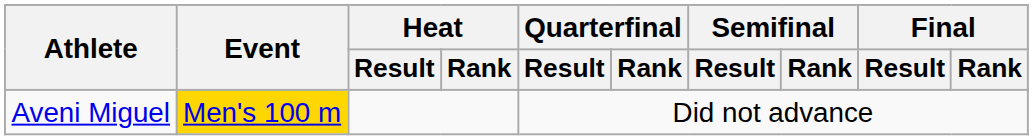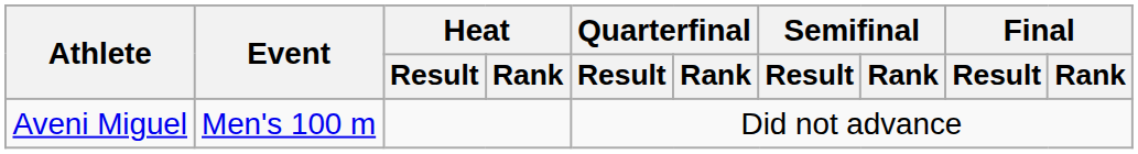 <table class="wikitable" style="font-size:90%">
 <tr>
 <th rowspan="2">Athlete</th>
 <th rowspan="2">Event</th>
 <th colspan="2">Heat</th>
 <th colspan="2">Quarterfinal</th>
 <th colspan="2">Semifinal</th>
 <th colspan="2">Final</th>
 </tr>
 <tr style="font-size:95%">
 <th>Result</th>
 <th>Rank</th>
 <th>Result</th>
 <th>Rank</th>
 <th>Result</th>
 <th>Rank</th>
 <th>Result</th>
 <th>Rank</th>
 </tr>
 <tr align=center>
 <td align=left><a href='#'>Aveni Miguel</a></td>
-<td align=left style="background: gold;"><a href='#'>Men's 100 m</a></td>
+<td align=left><a href='#'>Men's 100 m</a></td>
 <td colspan="2"></td>
 <td colspan="6">Did not advance</td>
 </tr>
 </table>
